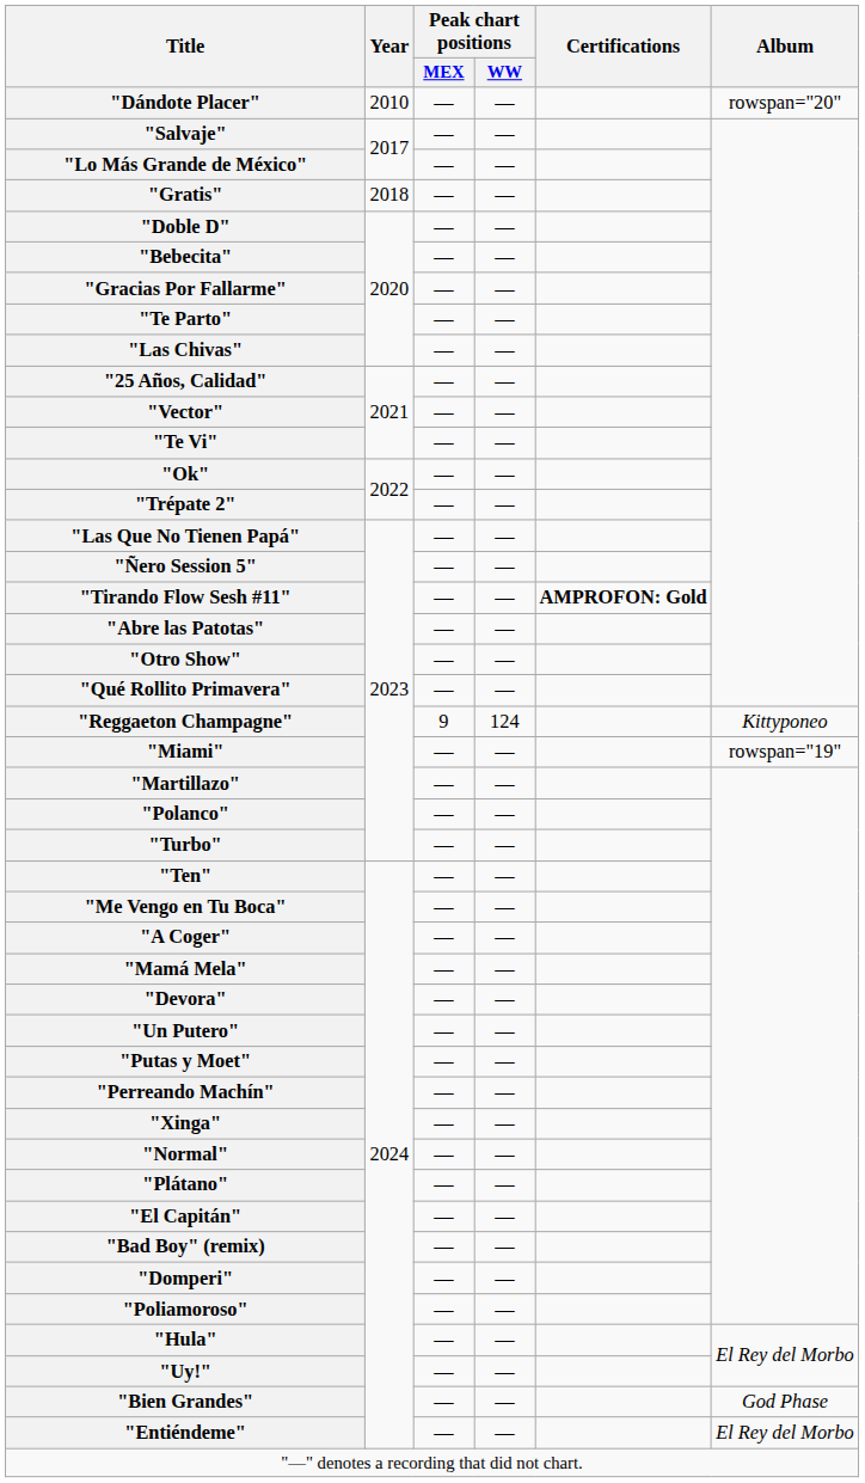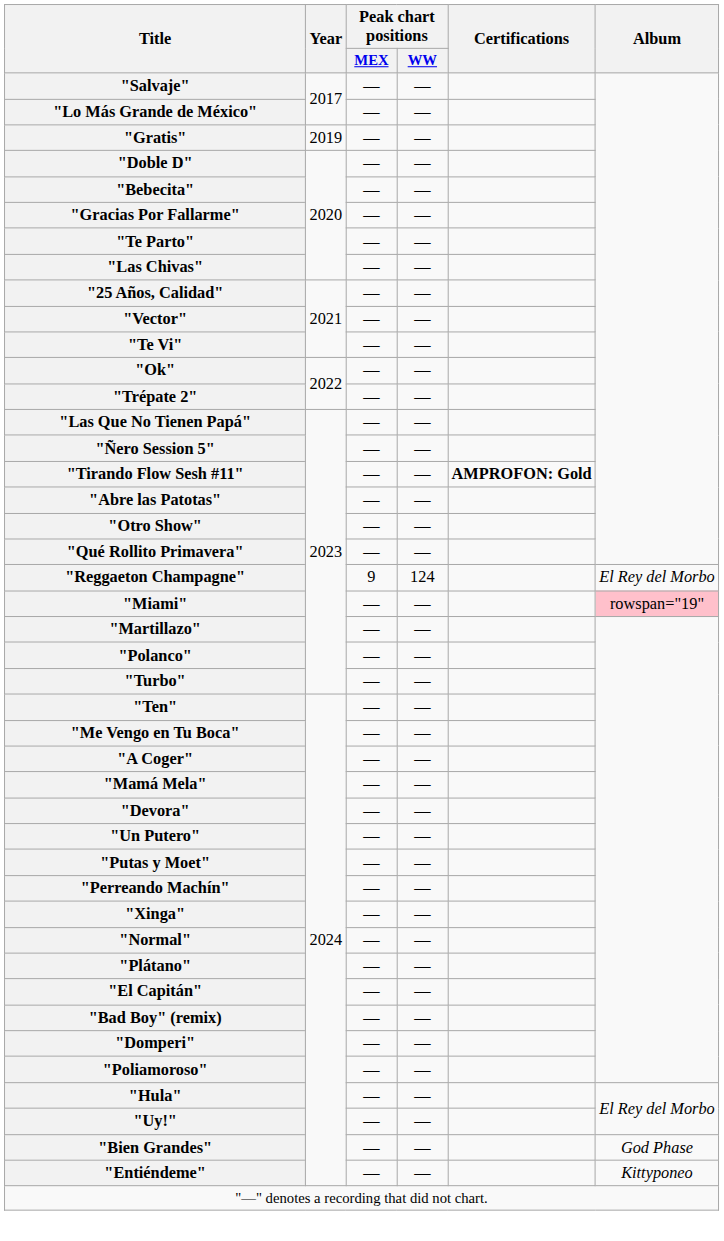 <table class="wikitable plainrowheaders" style="text-align:center;">
 <tr>
 <th rowspan="2" scope="col" style="width:18em;">Title</th>
 <th rowspan="2" scope="col">Year</th>
 <th colspan="2">Peak chart positions</th>
 <th rowspan="2">Certifications</th>
 <th rowspan="2">Album</th>
 </tr>
 <tr>
 <th scope="col" style="width:3em;font-size:90%;"><a href='#'>MEX</a><br></th>
 <th scope="col" style="width:3em;font-size:90%;"><a href='#'>WW</a><br></th>
-</tr>
-<tr>
-<th scope="row">"Dándote Placer"</th>
-<td>2010</td>
-<td>—</td>
-<td>—</td>
-<td></td>
-<td>rowspan="20" </td>
 </tr>
 <tr>
 <th scope="row">"Salvaje"</th>
 <td rowspan="2">2017</td>
 <td>—</td>
 <td>—</td>
 <td></td>
 </tr>
 <tr>
 <th scope="row">"Lo Más Grande de México"</th>
 <td>—</td>
 <td>—</td>
 <td></td>
 </tr>
 <tr>
 <th scope="row">"Gratis"</th>
-<td>2018</td>
+<td>2019</td>
 <td>—</td>
 <td>—</td>
 <td></td>
 </tr>
 <tr>
 <th scope="row">"Doble D"<br></th>
 <td rowspan="5">2020</td>
 <td>—</td>
 <td>—</td>
 <td></td>
 </tr>
 <tr>
 <th scope="row">"Bebecita"<br></th>
 <td>—</td>
 <td>—</td>
 <td></td>
 </tr>
 <tr>
 <th scope="row">"Gracias Por Fallarme"</th>
 <td>—</td>
 <td>—</td>
 <td></td>
 </tr>
 <tr>
 <th scope="row">"Te Parto"</th>
 <td>—</td>
 <td>—</td>
 <td></td>
 </tr>
 <tr>
 <th scope="row">"Las Chivas"<br></th>
 <td>—</td>
 <td>—</td>
 <td></td>
 </tr>
 <tr>
 <th scope="row">"25 Años, Calidad"</th>
 <td rowspan="3">2021</td>
 <td>—</td>
 <td>—</td>
 <td></td>
 </tr>
 <tr>
 <th scope="row">"Vector"</th>
 <td>—</td>
 <td>—</td>
 <td></td>
 </tr>
 <tr>
 <th scope="row">"Te Vi"</th>
 <td>—</td>
 <td>—</td>
 <td></td>
 </tr>
 <tr>
 <th scope="row">"Ok"</th>
 <td rowspan="2">2022</td>
 <td>—</td>
 <td>—</td>
 <td></td>
 </tr>
 <tr>
 <th scope="row">"Trépate 2"</th>
 <td>—</td>
 <td>—</td>
 <td></td>
 </tr>
 <tr>
 <th scope="row">"Las Que No Tienen Papá"</th>
 <td rowspan="11">2023</td>
 <td>—</td>
 <td>—</td>
 <td></td>
 </tr>
 <tr>
 <th scope="row">"Ñero Session 5"<br></th>
 <td>—</td>
 <td>—</td>
 <td></td>
 </tr>
 <tr>
 <th scope="row">"Tirando Flow Sesh #11"<br></th>
 <td>—</td>
 <td>—</td>
 <td><strong>AMPROFON: Gold</strong></td>
 </tr>
 <tr>
 <th scope="row">"Abre las Patotas"</th>
 <td>—</td>
 <td>—</td>
 <td></td>
 </tr>
 <tr>
 <th scope="row">"Otro Show"<br></th>
 <td>—</td>
 <td>—</td>
 <td></td>
 </tr>
 <tr>
 <th scope="row">"Qué Rollito Primavera"<br></th>
 <td>—</td>
 <td>—</td>
 <td></td>
 </tr>
 <tr>
 <th scope="row">"Reggaeton Champagne"<br></th>
 <td>9</td>
 <td>124</td>
 <td></td>
-<td><em>Kittyponeo</em></td>
+<td><em>El Rey del Morbo</em></td>
 </tr>
 <tr>
 <th scope="row">"Miami"</th>
 <td>—</td>
 <td>—</td>
 <td></td>
-<td>rowspan="19" </td>
+<td style="background: pink;">rowspan="19" </td>
 </tr>
 <tr>
 <th scope="row">"Martillazo"<br></th>
 <td>—</td>
 <td>—</td>
 <td></td>
 </tr>
 <tr>
 <th scope="row">"Polanco"<br></th>
 <td>—</td>
 <td>—</td>
 <td></td>
 </tr>
 <tr>
 <th scope="row">"Turbo"<br></th>
 <td>—</td>
 <td>—</td>
 <td></td>
 </tr>
 <tr>
 <th scope="row">"Ten"<br></th>
 <td rowspan="19">2024</td>
 <td>—</td>
 <td>—</td>
 <td></td>
 </tr>
 <tr>
 <th scope="row">"Me Vengo en Tu Boca"<br></th>
 <td>—</td>
 <td>—</td>
 <td></td>
 </tr>
 <tr>
 <th scope="row">"A Coger"<br></th>
 <td>—</td>
 <td>—</td>
 <td></td>
 </tr>
 <tr>
 <th scope="row">"Mamá Mela"<br></th>
 <td>—</td>
 <td>—</td>
 <td></td>
 </tr>
 <tr>
 <th scope="row">"Devora"<br></th>
 <td>—</td>
 <td>—</td>
 <td></td>
 </tr>
 <tr>
 <th scope="row">"Un Putero"<br></th>
 <td>—</td>
 <td>—</td>
 <td></td>
 </tr>
 <tr>
 <th scope="row">"Putas y Moet"<br></th>
 <td>—</td>
 <td>—</td>
 <td></td>
 </tr>
 <tr>
 <th scope="row">"Perreando Machín"<br></th>
 <td>—</td>
 <td>—</td>
 <td></td>
 </tr>
 <tr>
 <th scope="row">"Xinga"<br></th>
 <td>—</td>
 <td>—</td>
 <td></td>
 </tr>
 <tr>
 <th scope="row">"Normal"<br></th>
 <td>—</td>
 <td>—</td>
 <td></td>
 </tr>
 <tr>
 <th scope="row">"Plátano"<br></th>
 <td>—</td>
 <td>—</td>
 <td></td>
 </tr>
 <tr>
 <th scope="row">"El Capitán"<br></th>
 <td>—</td>
 <td>—</td>
 <td></td>
 </tr>
 <tr>
 <th scope="row">"Bad Boy" (remix)<br></th>
 <td>—</td>
 <td>—</td>
 <td></td>
 </tr>
 <tr>
 <th scope="row">"Domperi"<br></th>
 <td>—</td>
 <td>—</td>
 <td></td>
 </tr>
 <tr>
 <th scope="row">"Poliamoroso"<br></th>
 <td>—</td>
 <td>—</td>
 <td></td>
 </tr>
 <tr>
 <th scope="row">"Hula"<br></th>
 <td>—</td>
 <td>—</td>
 <td></td>
 <td rowspan="2"><em>El Rey del Morbo</em></td>
 </tr>
 <tr>
 <th scope="row">"Uy!"<br></th>
 <td>—</td>
 <td>—</td>
 <td></td>
 </tr>
 <tr>
 <th scope="row">"Bien Grandes"<br></th>
 <td>—</td>
 <td>—</td>
 <td></td>
 <td><em>God Phase</em></td>
 </tr>
 <tr>
 <th scope="row">"Entiéndeme"<br></th>
 <td>—</td>
 <td>—</td>
 <td></td>
-<td><em>El Rey del Morbo</em></td>
+<td><em>Kittyponeo</em></td>
 </tr>
 <tr>
 <td colspan="6" style="font-size:90%">"—" denotes a recording that did not chart.</td>
 </tr>
 </table>
